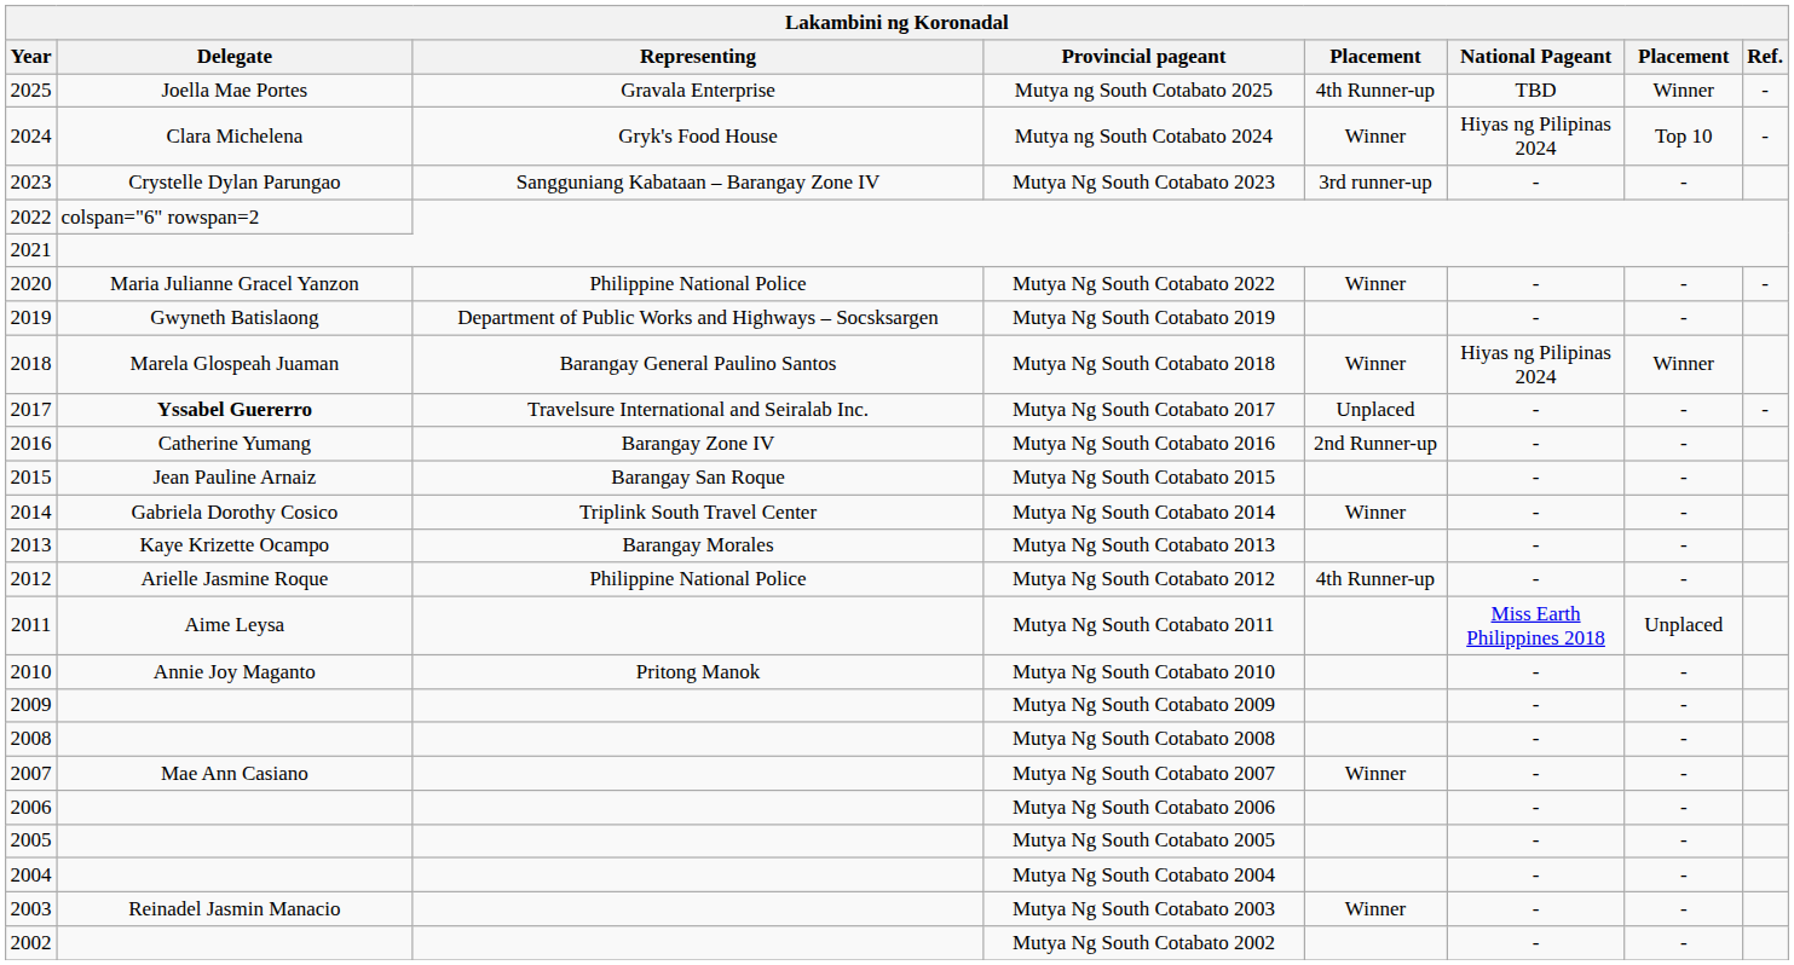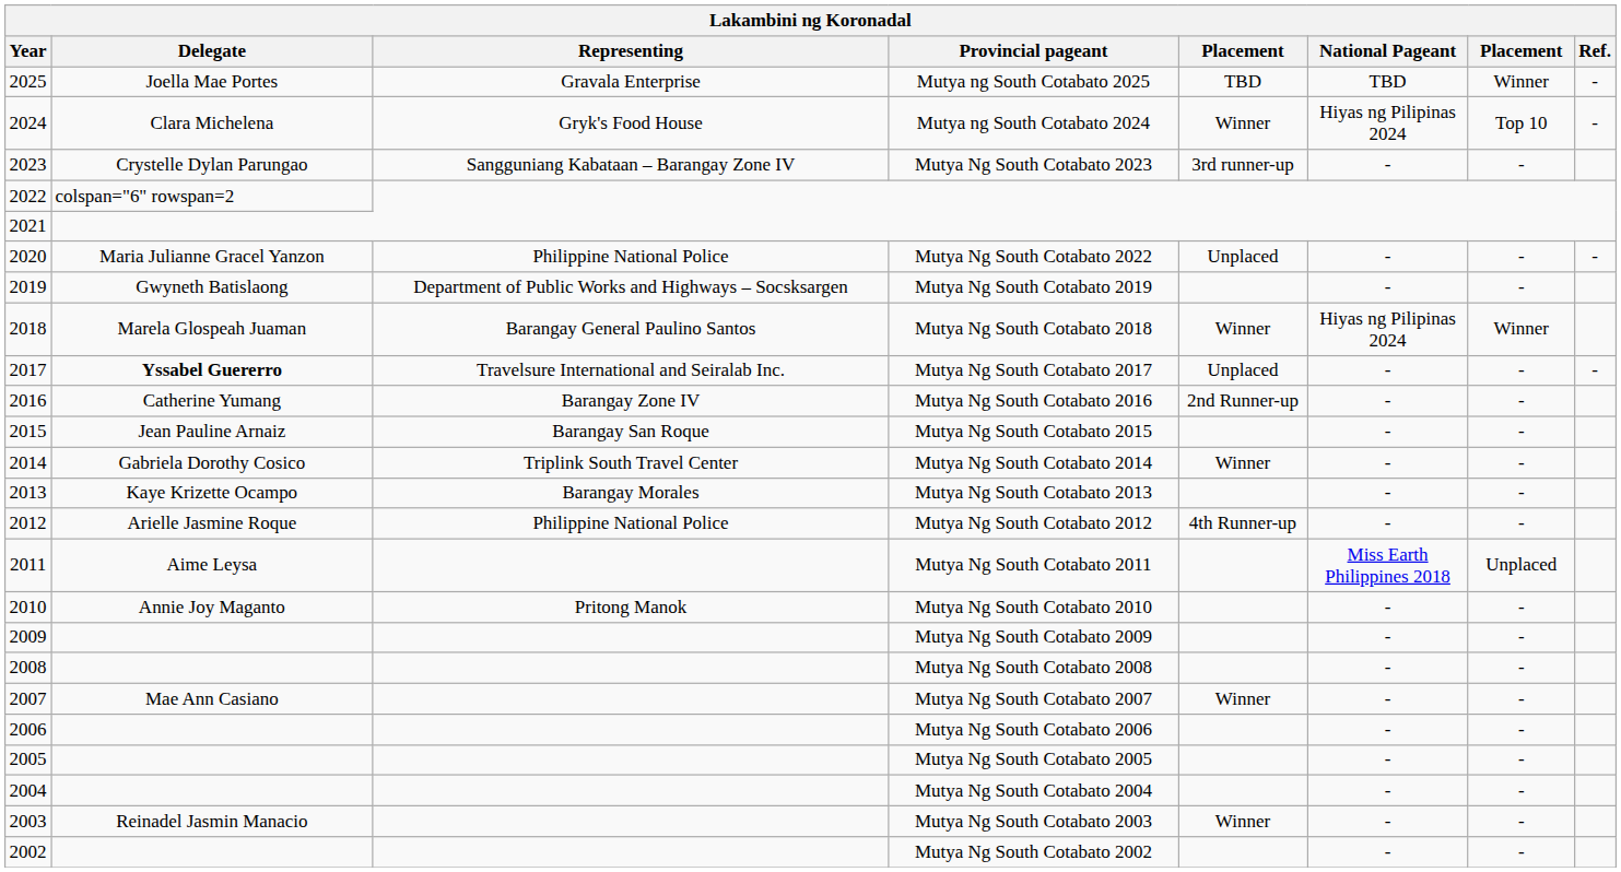 <table class="wikitable sortable wiki table" border="3" cellpadding="3" cellspacing="0" style="margin: 0 1em 0 0;  border: 1px #aaa solid; font-size: 90%;">
 <tr>
 <th colspan="8">Lakambini ng Koronadal</th>
 </tr>
 <tr>
 <th width="0.5%">Year</th>
 <th width="20%">Delegate</th>
 <th width10%>Representing</th>
 <th width="18%">Provincial pageant</th>
 <th width="8%">Placement</th>
 <th width="10%">National Pageant</th>
 <th>Placement</th>
 <th width="1%">Ref.</th>
 </tr>
 <tr>
 <td align="center">2025</td>
 <td align="center">Joella Mae Portes</td>
 <td align="center">Gravala Enterprise</td>
 <td align="center">Mutya ng South Cotabato 2025</td>
-<td align="center">4th Runner-up</td>
+<td align="center">TBD</td>
 <td align="center">TBD</td>
 <td align="center">Winner</td>
 <td align="center">-</td>
 </tr>
 <tr>
 <td align="center">2024</td>
 <td align="center">Clara Michelena</td>
 <td align="center">Gryk's Food House</td>
 <td align="center">Mutya ng South Cotabato 2024</td>
 <td align="center">Winner</td>
 <td align="center">Hiyas ng Pilipinas 2024</td>
 <td align="center">Top 10</td>
 <td align="center">-</td>
 </tr>
 <tr>
 <td align="center">2023</td>
 <td align="center">Crystelle Dylan Parungao</td>
 <td align="center">Sangguniang Kabataan – Barangay Zone IV</td>
 <td align="center">Mutya Ng South Cotabato 2023</td>
 <td align="center">3rd runner-up</td>
 <td align="center">-</td>
 <td align="center">-</td>
 <td align="center"></td>
 </tr>
 <tr>
 <td align="center">2022</td>
 <td>colspan="6" rowspan=2 </td>
 </tr>
 <tr>
 <td align="center">2021</td>
 </tr>
 <tr>
 <td align="center">2020</td>
 <td align="center">Maria Julianne Gracel Yanzon</td>
 <td align="center">Philippine National Police</td>
 <td align="center">Mutya Ng South Cotabato 2022</td>
-<td align="center">Winner</td>
+<td align="center">Unplaced</td>
 <td align="center">-</td>
 <td align="center">-</td>
 <td align="center">-</td>
 </tr>
 <tr>
 <td align="center">2019</td>
 <td align="center">Gwyneth Batislaong</td>
 <td align="center">Department of Public Works and Highways – Socsksargen</td>
 <td align="center">Mutya Ng South Cotabato 2019</td>
 <td align="center"></td>
 <td align="center">-</td>
 <td align="center">-</td>
 <td align="center"></td>
 </tr>
 <tr>
 <td align="center">2018</td>
 <td align="center">Marela Glospeah Juaman</td>
 <td align="center">Barangay General Paulino Santos</td>
 <td align="center">Mutya Ng South Cotabato 2018</td>
 <td align="center">Winner</td>
 <td align="center">Hiyas ng Pilipinas 2024</td>
 <td align="center">Winner</td>
 <td align="center"></td>
 </tr>
 <tr>
 <td align="center">2017</td>
 <td align="center"><strong>Yssabel Guererro</strong></td>
 <td align="center">Travelsure International and Seiralab Inc.</td>
 <td align="center">Mutya Ng South Cotabato 2017</td>
 <td align="center">Unplaced</td>
 <td align="center">-</td>
 <td align="center">-</td>
 <td align="center">-</td>
 </tr>
 <tr>
 <td align="center">2016</td>
 <td align="center">Catherine Yumang</td>
 <td align="center">Barangay Zone IV</td>
 <td align="center">Mutya Ng South Cotabato 2016</td>
 <td align="center">2nd Runner-up</td>
 <td align="center">-</td>
 <td align="center">-</td>
 <td align="center"></td>
 </tr>
 <tr>
 <td align="center">2015</td>
 <td align="center">Jean Pauline Arnaiz</td>
 <td align="center">Barangay San Roque</td>
 <td align="center">Mutya Ng South Cotabato 2015</td>
 <td align="center"></td>
 <td align="center">-</td>
 <td align="center">-</td>
 <td align="center"></td>
 </tr>
 <tr>
 <td align="center">2014</td>
 <td align="center">Gabriela Dorothy Cosico</td>
 <td align="center">Triplink South Travel Center</td>
 <td align="center">Mutya Ng South Cotabato 2014</td>
 <td align="center">Winner</td>
 <td align="center">-</td>
 <td align="center">-</td>
 <td align="center"></td>
 </tr>
 <tr>
 <td align="center">2013</td>
 <td align="center">Kaye Krizette Ocampo</td>
 <td align="center">Barangay Morales</td>
 <td align="center">Mutya Ng South Cotabato 2013</td>
 <td align="center"></td>
 <td align="center">-</td>
 <td align="center">-</td>
 <td align="center"></td>
 </tr>
 <tr>
 <td align="center">2012</td>
 <td align="center">Arielle Jasmine Roque</td>
 <td align="center">Philippine National Police</td>
 <td align="center">Mutya Ng South Cotabato 2012</td>
 <td align="center">4th Runner-up</td>
 <td align="center">-</td>
 <td align="center">-</td>
 <td align="center"></td>
 </tr>
 <tr>
 <td align="center">2011</td>
 <td align="center">Aime Leysa</td>
 <td align="center"></td>
 <td align="center">Mutya Ng South Cotabato 2011</td>
 <td align="center"></td>
 <td align="center"><a href='#'>Miss Earth Philippines 2018</a></td>
 <td align="center">Unplaced</td>
 <td align="center"></td>
 </tr>
 <tr>
 <td align="center">2010</td>
 <td align="center">Annie Joy Maganto</td>
 <td align="center">Pritong Manok</td>
 <td align="center">Mutya Ng South Cotabato 2010</td>
 <td align="center"></td>
 <td align="center">-</td>
 <td align="center">-</td>
 <td align="center"></td>
 </tr>
 <tr>
 <td align="center">2009</td>
 <td align="center"></td>
 <td align="center"></td>
 <td align="center">Mutya Ng South Cotabato 2009</td>
 <td align="center"></td>
 <td align="center">-</td>
 <td align="center">-</td>
 <td align="center"></td>
 </tr>
 <tr>
 <td align="center">2008</td>
 <td align="center"></td>
 <td align="center"></td>
 <td align="center">Mutya Ng South Cotabato 2008</td>
 <td align="center"></td>
 <td align="center">-</td>
 <td align="center">-</td>
 <td align="center"></td>
 </tr>
 <tr>
 <td align="center">2007</td>
 <td align="center">Mae Ann Casiano</td>
 <td align="center"></td>
 <td align="center">Mutya Ng South Cotabato 2007</td>
 <td align="center">Winner</td>
 <td align="center">-</td>
 <td align="center">-</td>
 <td align="center"></td>
 </tr>
 <tr>
 <td align="center">2006</td>
 <td align="center"></td>
 <td align="center"></td>
 <td align="center">Mutya Ng South Cotabato 2006</td>
 <td align="center"></td>
 <td align="center">-</td>
 <td align="center">-</td>
 <td align="center"></td>
 </tr>
 <tr>
 <td align="center">2005</td>
 <td align="center"></td>
 <td align="center"></td>
 <td align="center">Mutya Ng South Cotabato 2005</td>
 <td align="center"></td>
 <td align="center">-</td>
 <td align="center">-</td>
 <td align="center"></td>
 </tr>
 <tr>
 <td align="center">2004</td>
 <td align="center"></td>
 <td align="center"></td>
 <td align="center">Mutya Ng South Cotabato 2004</td>
 <td align="center"></td>
 <td align="center">-</td>
 <td align="center">-</td>
 <td align="center"></td>
 </tr>
 <tr>
 <td align="center">2003</td>
 <td align="center">Reinadel Jasmin Manacio</td>
 <td align="center"></td>
 <td align="center">Mutya Ng South Cotabato 2003</td>
 <td align="center">Winner</td>
 <td align="center">-</td>
 <td align="center">-</td>
 <td align="center"></td>
 </tr>
 <tr>
 <td align="center">2002</td>
 <td align="center"></td>
 <td align="center"></td>
 <td align="center">Mutya Ng South Cotabato 2002</td>
 <td align="center"></td>
 <td align="center">-</td>
 <td align="center">-</td>
 <td align="center"></td>
 </tr>
 </table>
